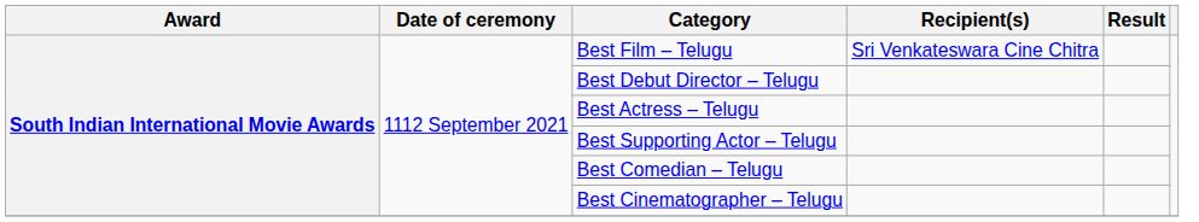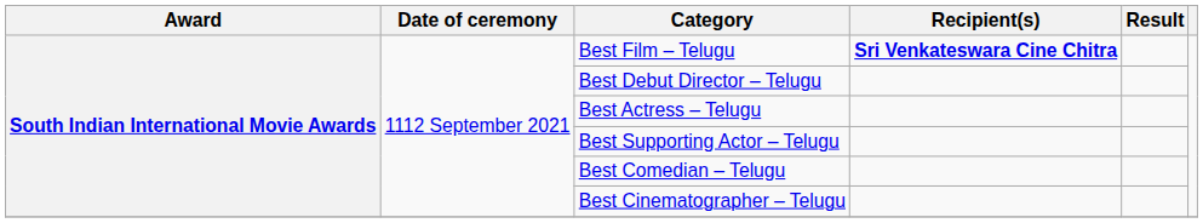 <table class="wikitable plainrowheaders sortable">
 <tr>
 <th scope="col">Award</th>
 <th scope="col">Date of ceremony</th>
 <th scope="col">Category</th>
 <th scope="col">Recipient(s)</th>
 <th scope="col">Result</th>
 <th scope="col" class="unsortable"></th>
 </tr>
 <tr>
 <th scope="row" rowspan="6"><a href='#'>South Indian International Movie Awards</a></th>
 <td rowspan="6"><a href='#'>1112 September 2021</a></td>
 <td><a href='#'>Best Film – Telugu</a></td>
-<td><a href='#'>Sri Venkateswara Cine Chitra</a></td>
+<td><strong><a href='#'>Sri Venkateswara Cine Chitra</a></strong></td>
 <td></td>
 <td style="text-align:center;" rowspan="6"></td>
 </tr>
 <tr>
 <td><a href='#'>Best Debut Director – Telugu</a></td>
 <td></td>
 <td></td>
 </tr>
 <tr>
 <td><a href='#'>Best Actress – Telugu</a></td>
 <td></td>
 <td></td>
 </tr>
 <tr>
 <td><a href='#'>Best Supporting Actor – Telugu</a></td>
 <td></td>
 <td></td>
 </tr>
 <tr>
 <td><a href='#'>Best Comedian – Telugu</a></td>
 <td></td>
 <td></td>
 </tr>
 <tr>
 <td><a href='#'>Best Cinematographer – Telugu</a></td>
 <td></td>
 <td></td>
 </tr>
 <tr>
 </tr>
 </table>
